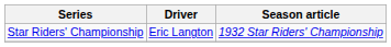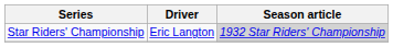 <table class="wikitable" style="font-size: 87%;">
 <tr>
 <th>Series</th>
 <th>Driver</th>
 <th>Season article</th>
 </tr>
 <tr>
 <td><a href='#'>Star Riders' Championship</a></td>
 <td> <a href='#'>Eric Langton</a></td>
-<td><em><a href='#'>1932 Star Riders' Championship</a></em></td>
+<td style="background: lightgrey;"><em><a href='#'>1932 Star Riders' Championship</a></em></td>
 </tr>
 <tr>
 </tr>
 </table>
